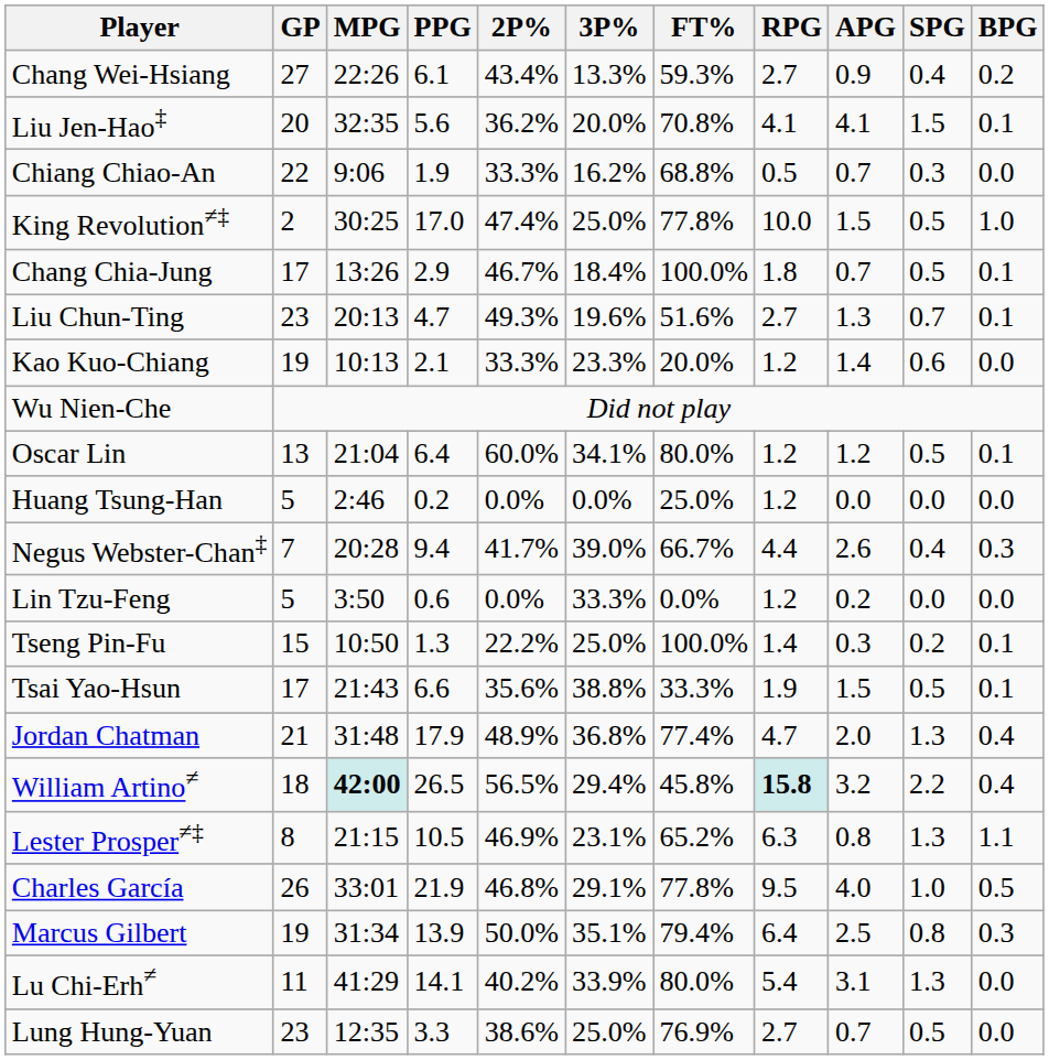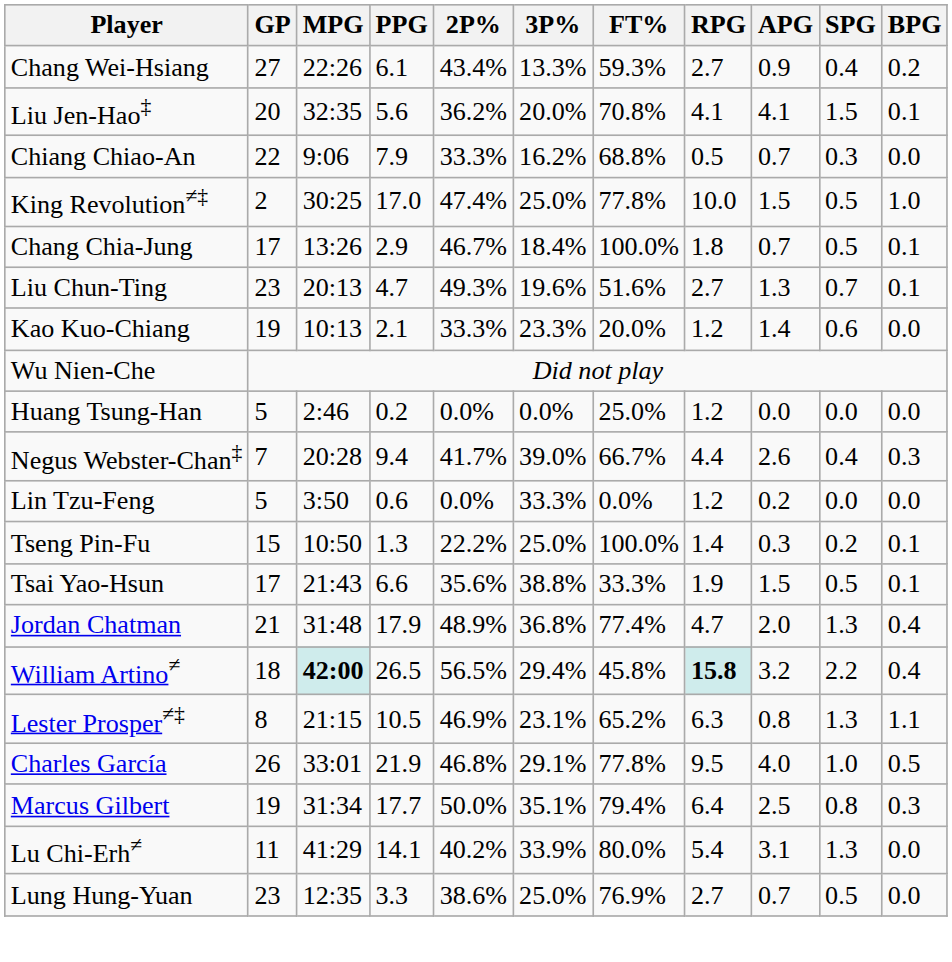 <table class="wikitable">
 <tr>
 <th>Player</th>
 <th>GP</th>
 <th>MPG</th>
 <th>PPG</th>
 <th>2P%</th>
 <th>3P%</th>
 <th>FT%</th>
 <th>RPG</th>
 <th>APG</th>
 <th>SPG</th>
 <th>BPG</th>
 </tr>
 <tr>
 <td>Chang Wei-Hsiang</td>
 <td>27</td>
 <td>22:26</td>
 <td>6.1</td>
 <td>43.4%</td>
 <td>13.3%</td>
 <td>59.3%</td>
 <td>2.7</td>
 <td>0.9</td>
 <td>0.4</td>
 <td>0.2</td>
 </tr>
 <tr>
 <td>Liu Jen-Hao<sup>‡</sup></td>
 <td>20</td>
 <td>32:35</td>
 <td>5.6</td>
 <td>36.2%</td>
 <td>20.0%</td>
 <td>70.8%</td>
 <td>4.1</td>
 <td>4.1</td>
 <td>1.5</td>
 <td>0.1</td>
 </tr>
 <tr>
 <td>Chiang Chiao-An</td>
 <td>22</td>
 <td>9:06</td>
-<td>1.9</td>
+<td>7.9</td>
 <td>33.3%</td>
 <td>16.2%</td>
 <td>68.8%</td>
 <td>0.5</td>
 <td>0.7</td>
 <td>0.3</td>
 <td>0.0</td>
 </tr>
 <tr>
 <td>King Revolution<sup>≠‡</sup></td>
 <td>2</td>
 <td>30:25</td>
 <td>17.0</td>
 <td>47.4%</td>
 <td>25.0%</td>
 <td>77.8%</td>
 <td>10.0</td>
 <td>1.5</td>
 <td>0.5</td>
 <td>1.0</td>
 </tr>
 <tr>
 <td>Chang Chia-Jung</td>
 <td>17</td>
 <td>13:26</td>
 <td>2.9</td>
 <td>46.7%</td>
 <td>18.4%</td>
 <td>100.0%</td>
 <td>1.8</td>
 <td>0.7</td>
 <td>0.5</td>
 <td>0.1</td>
 </tr>
 <tr>
 <td>Liu Chun-Ting</td>
 <td>23</td>
 <td>20:13</td>
 <td>4.7</td>
 <td>49.3%</td>
 <td>19.6%</td>
 <td>51.6%</td>
 <td>2.7</td>
 <td>1.3</td>
 <td>0.7</td>
 <td>0.1</td>
 </tr>
 <tr>
 <td>Kao Kuo-Chiang</td>
 <td>19</td>
 <td>10:13</td>
 <td>2.1</td>
 <td>33.3%</td>
 <td>23.3%</td>
 <td>20.0%</td>
 <td>1.2</td>
 <td>1.4</td>
 <td>0.6</td>
 <td>0.0</td>
 </tr>
 <tr>
 <td>Wu Nien-Che</td>
 <td colspan=10 align=center><em>Did not play</em></td>
-</tr>
-<tr>
-<td>Oscar Lin</td>
-<td>13</td>
-<td>21:04</td>
-<td>6.4</td>
-<td>60.0%</td>
-<td>34.1%</td>
-<td>80.0%</td>
-<td>1.2</td>
-<td>1.2</td>
-<td>0.5</td>
-<td>0.1</td>
 </tr>
 <tr>
 <td>Huang Tsung-Han</td>
 <td>5</td>
 <td>2:46</td>
 <td>0.2</td>
 <td>0.0%</td>
 <td>0.0%</td>
 <td>25.0%</td>
 <td>1.2</td>
 <td>0.0</td>
 <td>0.0</td>
 <td>0.0</td>
 </tr>
 <tr>
 <td>Negus Webster-Chan<sup>‡</sup></td>
 <td>7</td>
 <td>20:28</td>
 <td>9.4</td>
 <td>41.7%</td>
 <td>39.0%</td>
 <td>66.7%</td>
 <td>4.4</td>
 <td>2.6</td>
 <td>0.4</td>
 <td>0.3</td>
 </tr>
 <tr>
 <td>Lin Tzu-Feng</td>
 <td>5</td>
 <td>3:50</td>
 <td>0.6</td>
 <td>0.0%</td>
 <td>33.3%</td>
 <td>0.0%</td>
 <td>1.2</td>
 <td>0.2</td>
 <td>0.0</td>
 <td>0.0</td>
 </tr>
 <tr>
 <td>Tseng Pin-Fu</td>
 <td>15</td>
 <td>10:50</td>
 <td>1.3</td>
 <td>22.2%</td>
 <td>25.0%</td>
 <td>100.0%</td>
 <td>1.4</td>
 <td>0.3</td>
 <td>0.2</td>
 <td>0.1</td>
 </tr>
 <tr>
 <td>Tsai Yao-Hsun</td>
 <td>17</td>
 <td>21:43</td>
 <td>6.6</td>
 <td>35.6%</td>
 <td>38.8%</td>
 <td>33.3%</td>
 <td>1.9</td>
 <td>1.5</td>
 <td>0.5</td>
 <td>0.1</td>
 </tr>
 <tr>
 <td><a href='#'>Jordan Chatman</a></td>
 <td>21</td>
 <td>31:48</td>
 <td>17.9</td>
 <td>48.9%</td>
 <td>36.8%</td>
 <td>77.4%</td>
 <td>4.7</td>
 <td>2.0</td>
 <td>1.3</td>
 <td>0.4</td>
 </tr>
 <tr>
 <td><a href='#'>William Artino</a><sup>≠</sup></td>
 <td>18</td>
 <td style="background-color: #CFECEC"><strong>42:00</strong></td>
 <td>26.5</td>
 <td>56.5%</td>
 <td>29.4%</td>
 <td>45.8%</td>
 <td style="background-color: #CFECEC"><strong>15.8</strong></td>
 <td>3.2</td>
 <td>2.2</td>
 <td>0.4</td>
 </tr>
 <tr>
 <td><a href='#'>Lester Prosper</a><sup>≠‡</sup></td>
 <td>8</td>
 <td>21:15</td>
 <td>10.5</td>
 <td>46.9%</td>
 <td>23.1%</td>
 <td>65.2%</td>
 <td>6.3</td>
 <td>0.8</td>
 <td>1.3</td>
 <td>1.1</td>
 </tr>
 <tr>
 <td><a href='#'>Charles García</a></td>
 <td>26</td>
 <td>33:01</td>
 <td>21.9</td>
 <td>46.8%</td>
 <td>29.1%</td>
 <td>77.8%</td>
 <td>9.5</td>
 <td>4.0</td>
 <td>1.0</td>
 <td>0.5</td>
 </tr>
 <tr>
 <td><a href='#'>Marcus Gilbert</a></td>
 <td>19</td>
 <td>31:34</td>
-<td>13.9</td>
+<td>17.7</td>
 <td>50.0%</td>
 <td>35.1%</td>
 <td>79.4%</td>
 <td>6.4</td>
 <td>2.5</td>
 <td>0.8</td>
 <td>0.3</td>
 </tr>
 <tr>
 <td>Lu Chi-Erh<sup>≠</sup></td>
 <td>11</td>
 <td>41:29</td>
 <td>14.1</td>
 <td>40.2%</td>
 <td>33.9%</td>
 <td>80.0%</td>
 <td>5.4</td>
 <td>3.1</td>
 <td>1.3</td>
 <td>0.0</td>
 </tr>
 <tr>
 <td>Lung Hung-Yuan</td>
 <td>23</td>
 <td>12:35</td>
 <td>3.3</td>
 <td>38.6%</td>
 <td>25.0%</td>
 <td>76.9%</td>
 <td>2.7</td>
 <td>0.7</td>
 <td>0.5</td>
 <td>0.0</td>
 </tr>
 </table>
